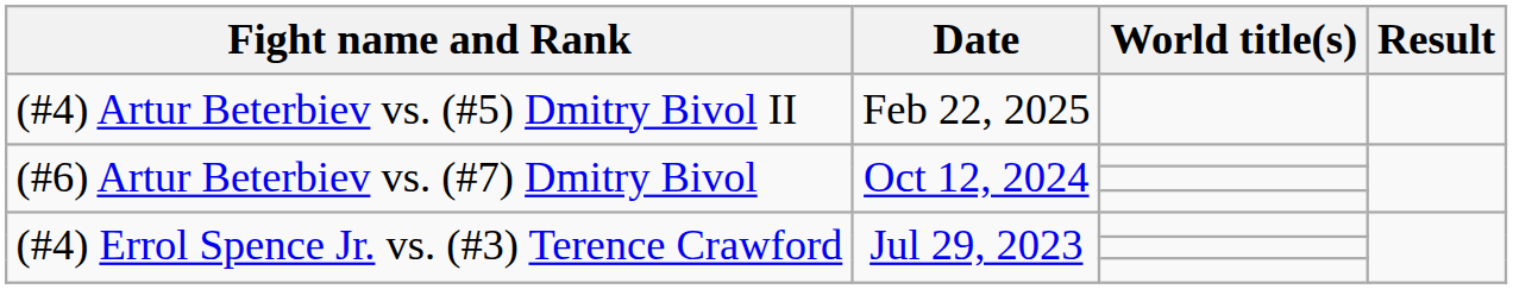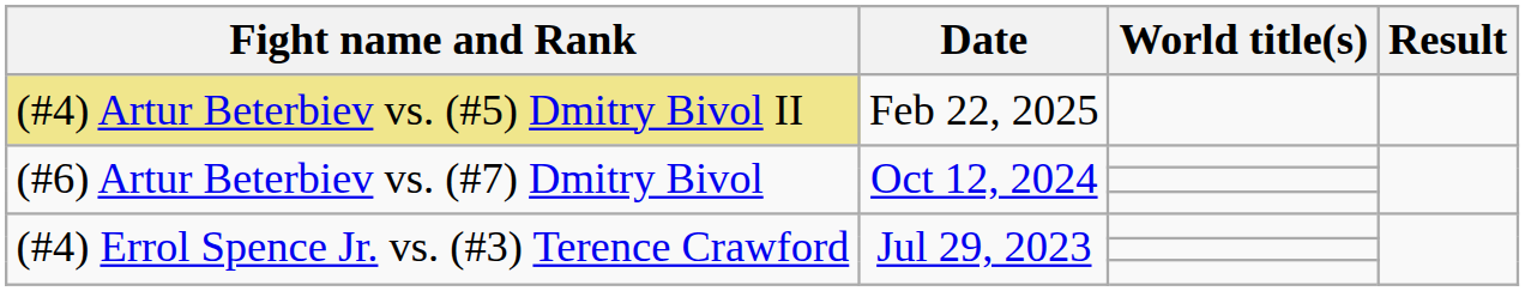 <table class="wikitable" style="text-align:center">
 <tr>
 <th>Fight name and Rank</th>
 <th>Date</th>
 <th>World title(s)</th>
 <th>Result</th>
 </tr>
 <tr>
-<td align=left>(#4) <a href='#'>Artur Beterbiev</a> vs. (#5) <a href='#'>Dmitry Bivol</a> II</td>
+<td align=left style="background: khaki;">(#4) <a href='#'>Artur Beterbiev</a> vs. (#5) <a href='#'>Dmitry Bivol</a> II</td>
 <td>Feb 22, 2025</td>
 <td align=left></td>
 <td align=left></td>
 </tr>
 <tr>
 <td rowspan=3 align=left>(#6) <a href='#'>Artur Beterbiev</a> vs. (#7) <a href='#'>Dmitry Bivol</a></td>
 <td rowspan=3><a href='#'>Oct 12, 2024</a></td>
 <td align=left></td>
 <td rowspan=3 align=left></td>
 </tr>
 <tr>
 <td align=left></td>
 </tr>
 <tr>
 <td align=left></td>
 </tr>
 <tr>
 <td rowspan=3 align=left>(#4) <a href='#'>Errol Spence Jr.</a> vs. (#3) <a href='#'>Terence Crawford</a></td>
 <td rowspan=3><a href='#'>Jul 29, 2023</a></td>
 <td align=left></td>
 <td rowspan=3 align=left></td>
 </tr>
 <tr>
 <td align=left></td>
 </tr>
 <tr>
 <td align=left></td>
 </tr>
 </table>
